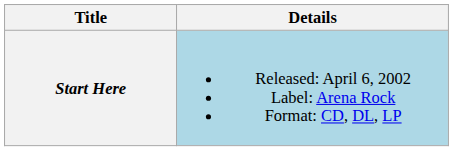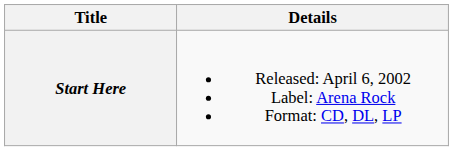 <table class="wikitable plainrowheaders" style="text-align:center;">
 <tr>
 <th rowspan="1" style="width:10em;">Title</th>
 <th rowspan="1" style="width:16em;">Details</th>
 </tr>
 <tr>
 <th scope="row"><em>Start Here</em></th>
-<td style="background: lightblue;"><br><ul><li>Released: April 6, 2002</li><li>Label: <a href='#'>Arena Rock</a></li><li>Format: <a href='#'>CD</a>, <a href='#'>DL</a>, <a href='#'>LP</a></li></ul></td>
+<td><br><ul><li>Released: April 6, 2002</li><li>Label: <a href='#'>Arena Rock</a></li><li>Format: <a href='#'>CD</a>, <a href='#'>DL</a>, <a href='#'>LP</a></li></ul></td>
 </tr>
 </table>
